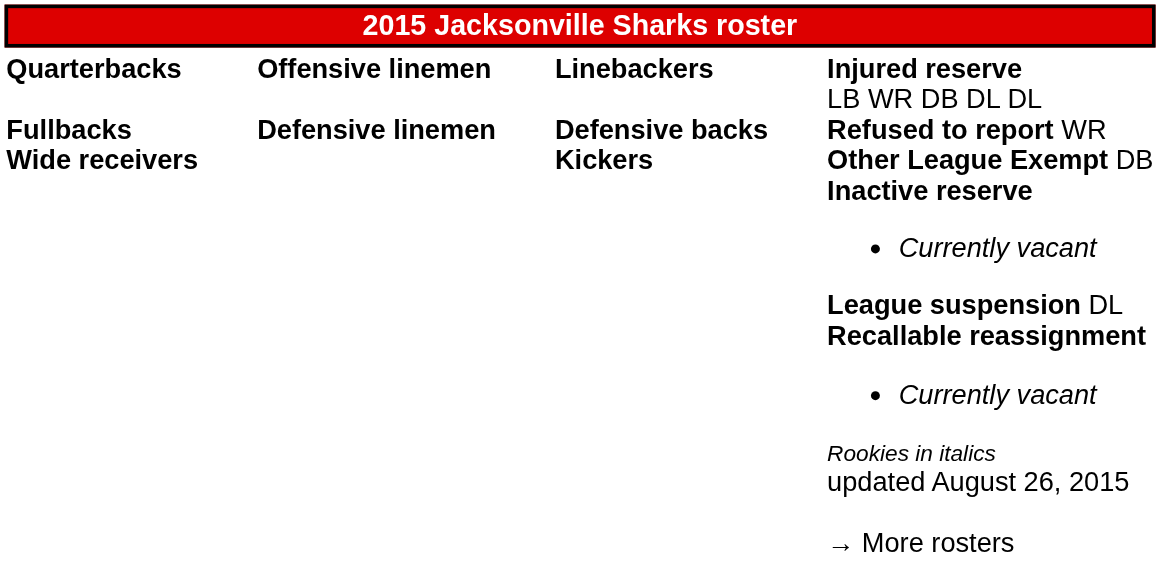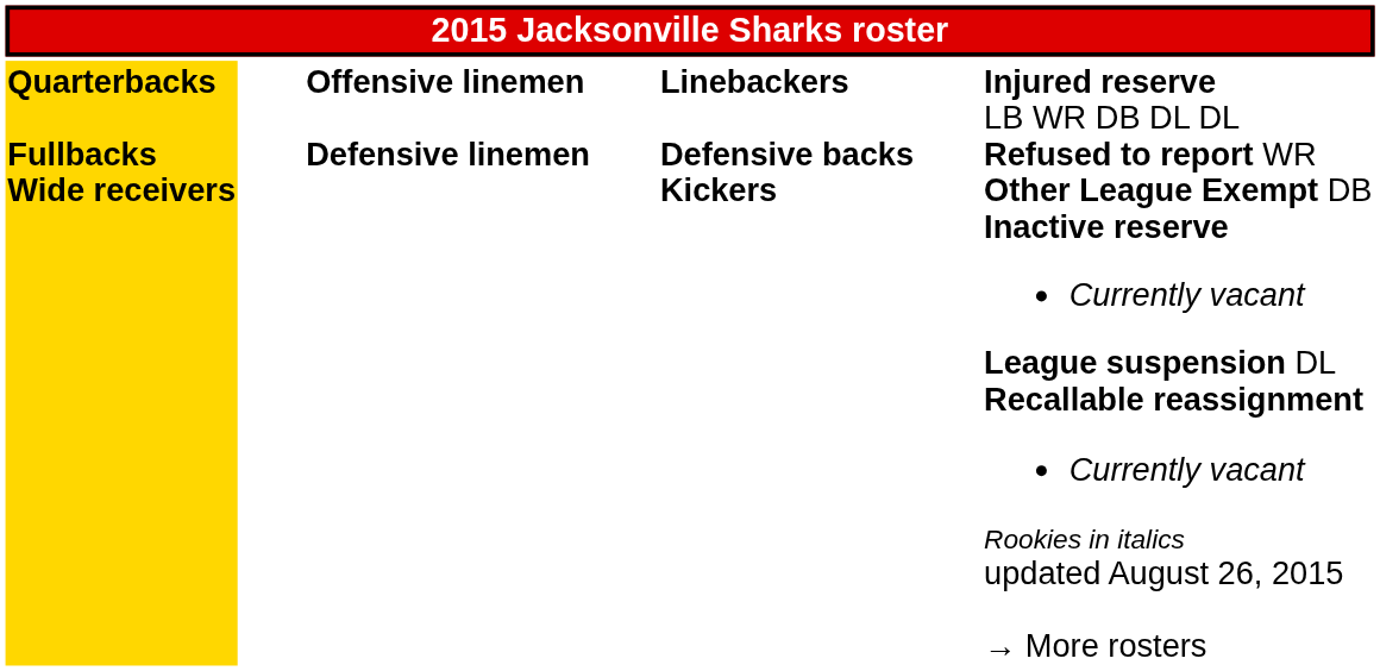 <table class="toccolours" style="text-align: left;">
 <tr>
 <th colspan=7 style="background:#d00; border: 2px solid #000; color:white; text-align:center;"><strong>2015 Jacksonville Sharks roster</strong></th>
 </tr>
 <tr>
-<td style="font-size: 95%;vertical-align:top;"><strong>Quarterbacks</strong><br> <br><strong>Fullbacks</strong> <br><strong>Wide receivers</strong>      </td>
+<td style="background: gold; font-size: 95%;vertical-align:top;"><strong>Quarterbacks</strong><br> <br><strong>Fullbacks</strong> <br><strong>Wide receivers</strong>      </td>
 <td style="width: 25px;"></td>
 <td style="font-size: 95%;vertical-align:top;"><strong>Offensive linemen</strong><br>    <br><strong>Defensive linemen</strong>   </td>
 <td style="width: 25px;"></td>
 <td style="font-size: 95%;vertical-align:top;"><strong>Linebackers</strong><br> <br><strong>Defensive backs</strong>    <br><strong>Kickers</strong> </td>
 <td style="width: 25px;"></td>
 <td style="font-size: 95%;vertical-align:top;"><strong>Injured reserve</strong><br> LB  WR  DB  DL  DL<br><strong>Refused to report</strong>  WR<br><strong>Other League Exempt</strong>   DB<br><strong>Inactive reserve</strong><ul><li><em>Currently vacant</em></li></ul><strong>League suspension</strong>  DL<br><strong>Recallable reassignment</strong><ul><li><em>Currently vacant</em></li></ul><small><em>Rookies in italics</em></small><br> <span></span> updated August 26, 2015<br> <br>→ More rosters</td>
 </tr>
 <tr>
 </tr>
 </table>
